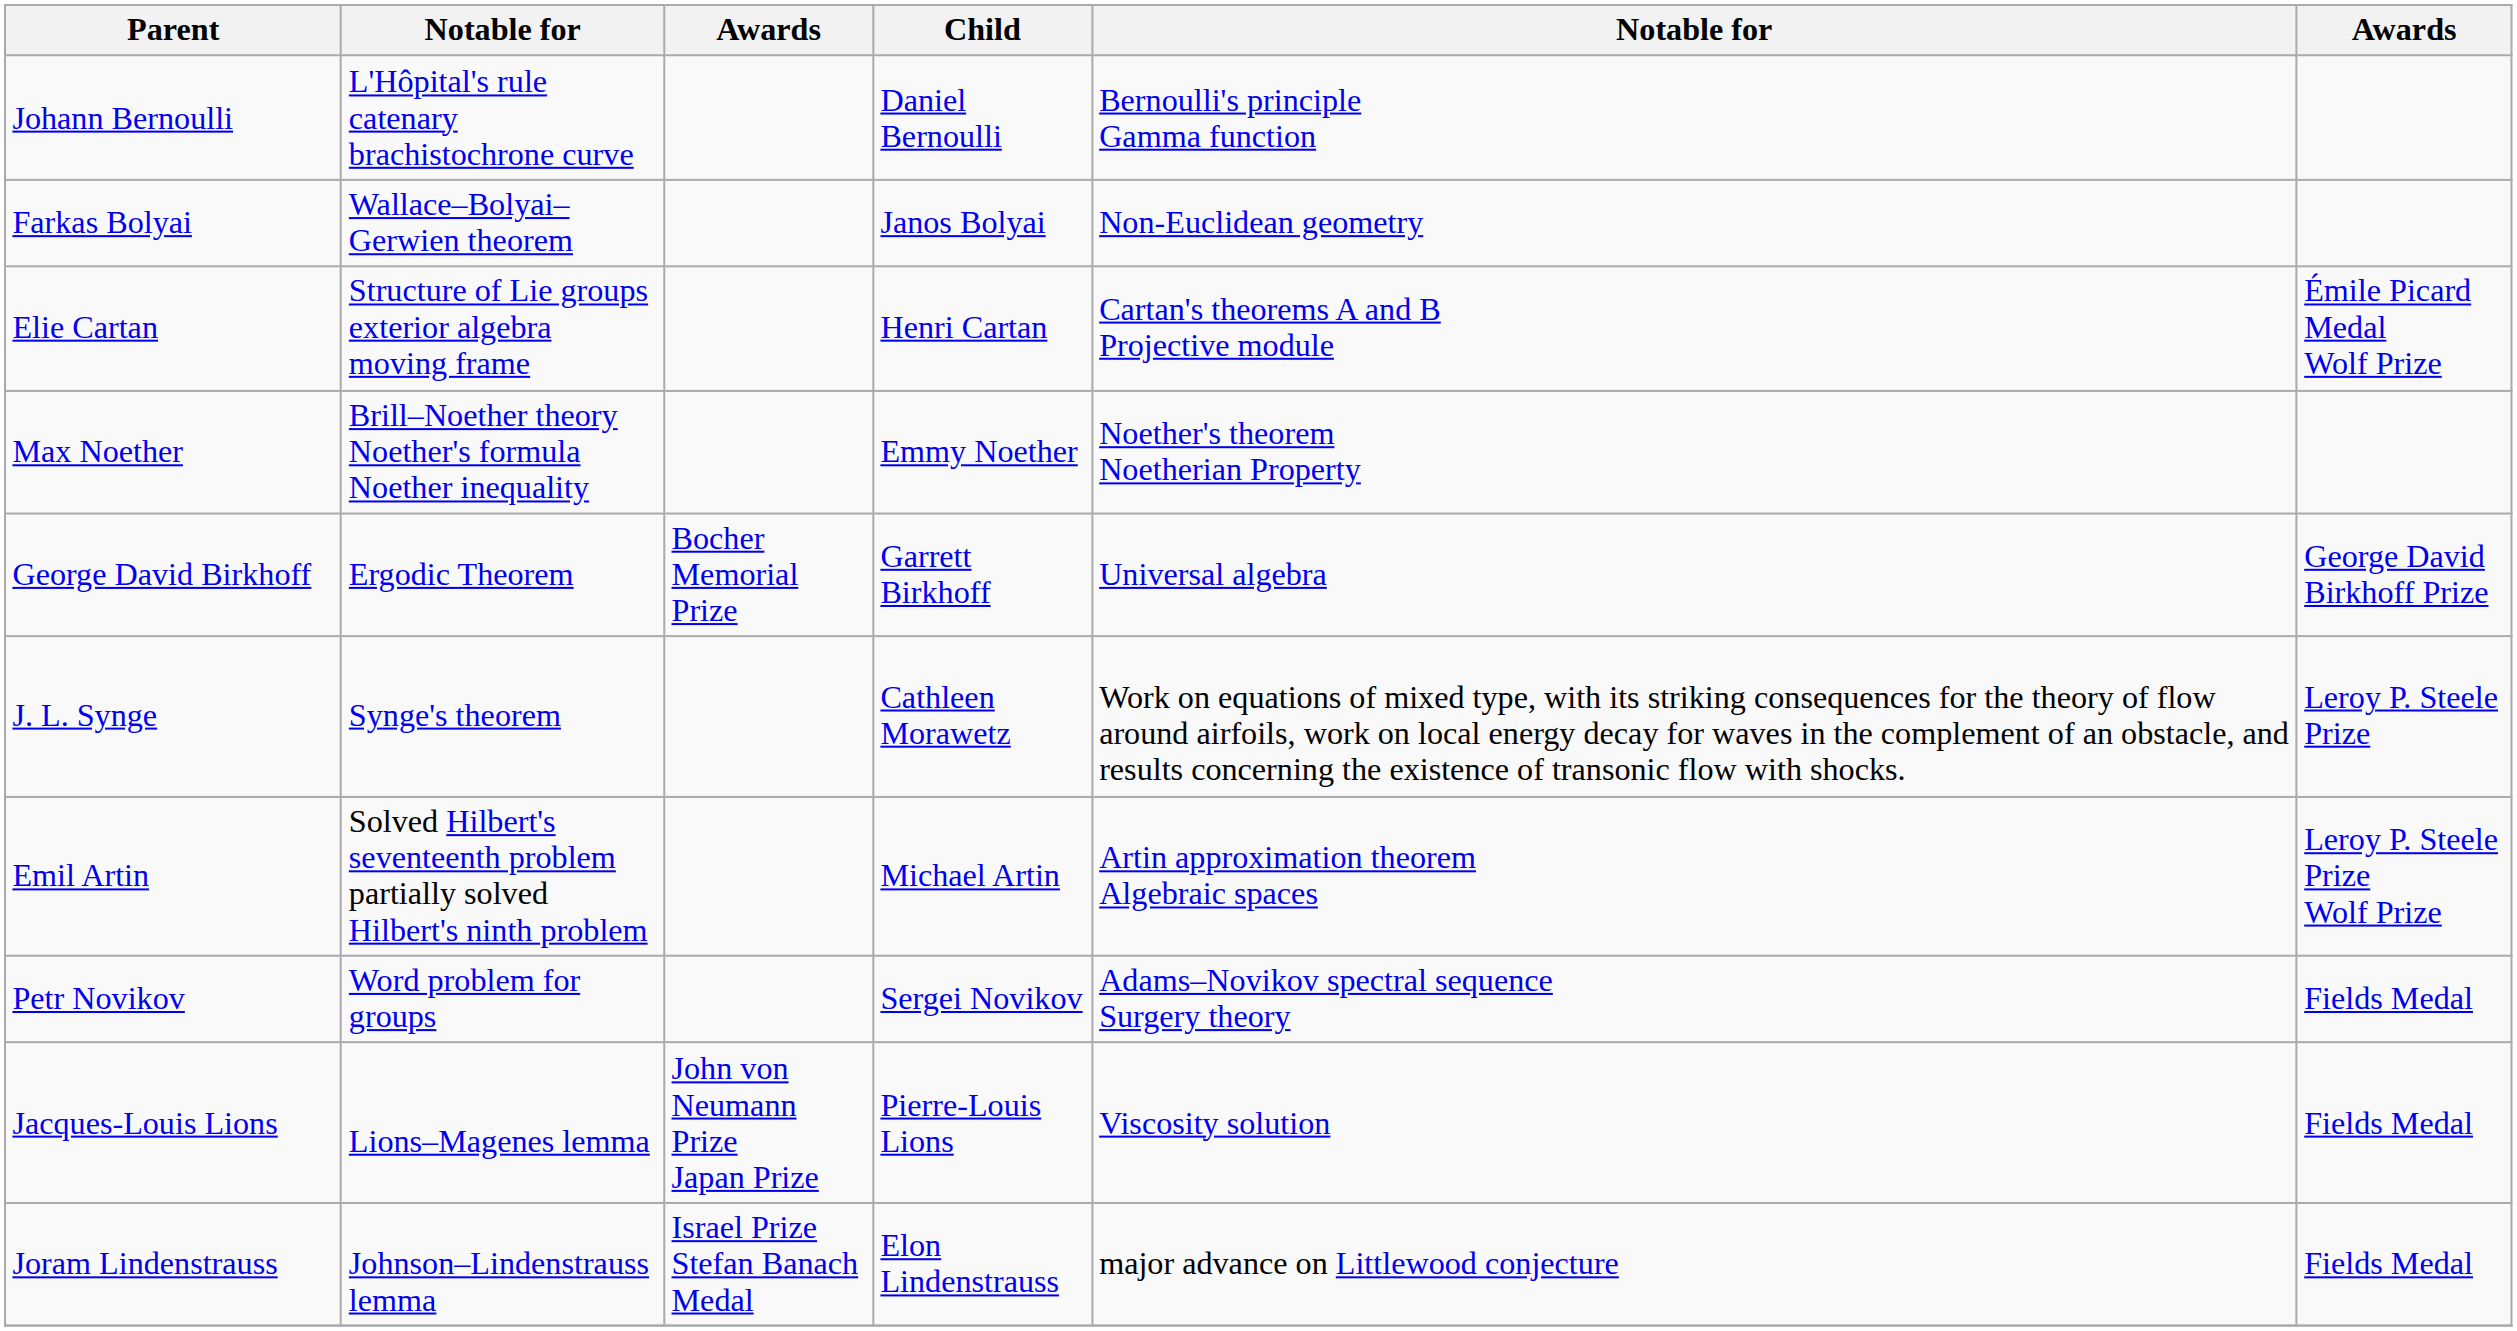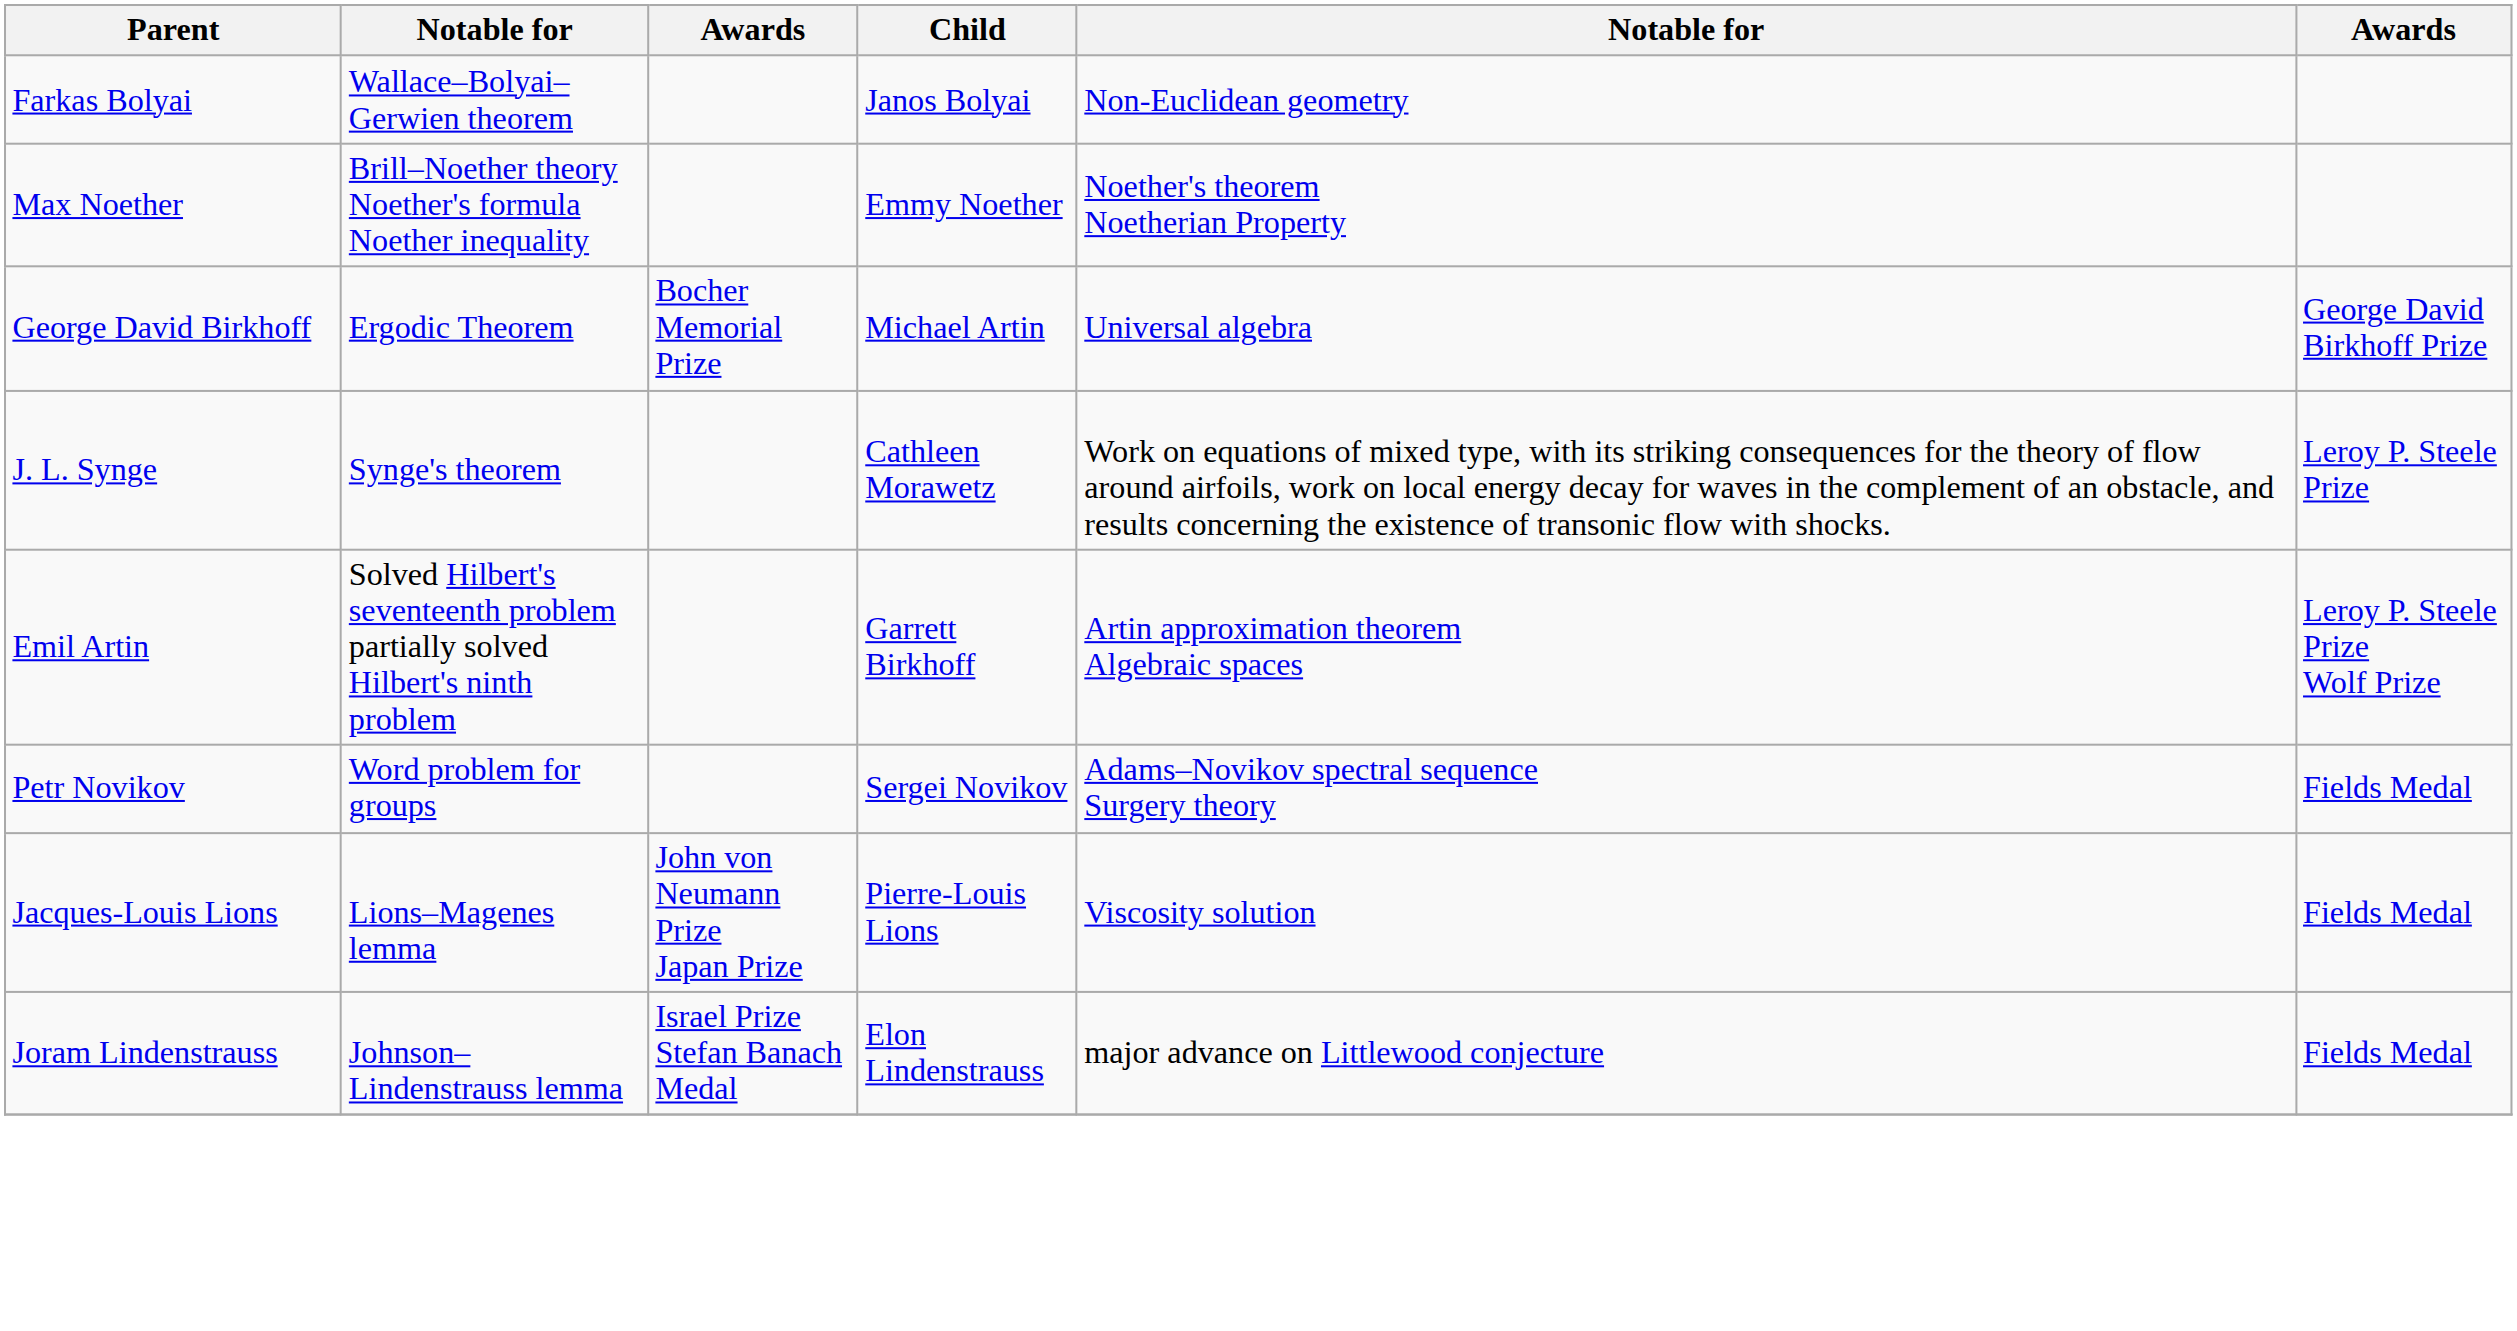 <table Class="wikitable sortable">
 <tr>
 <th style="width:10em;">Parent</th>
 <th>Notable for</th>
 <th>Awards</th>
 <th>Child</th>
 <th>Notable for</th>
 <th>Awards</th>
 </tr>
 <tr>
-<td><a href='#'>Johann Bernoulli</a></td>
-<td><a href='#'>L'Hôpital's rule</a><br><a href='#'>catenary</a><br><a href='#'>brachistochrone curve</a></td>
-<td></td>
-<td><a href='#'>Daniel Bernoulli</a></td>
-<td><a href='#'>Bernoulli's principle</a><br><a href='#'>Gamma function</a></td>
-<td></td>
-</tr>
-<tr>
 <td><a href='#'>Farkas Bolyai</a></td>
 <td><a href='#'>Wallace–Bolyai–Gerwien theorem</a></td>
 <td></td>
 <td><a href='#'>Janos Bolyai</a></td>
 <td><a href='#'> Non-Euclidean geometry</a></td>
 <td></td>
-</tr>
-<tr>
-<td><a href='#'>Elie Cartan</a></td>
-<td><a href='#'>Structure of Lie groups</a><br><a href='#'>exterior algebra</a><br><a href='#'>moving frame</a></td>
-<td></td>
-<td><a href='#'>Henri Cartan</a></td>
-<td><a href='#'>Cartan's theorems A and B</a><br><a href='#'>Projective module</a></td>
-<td><a href='#'>Émile Picard Medal</a><br><a href='#'>Wolf Prize</a></td>
 </tr>
 <tr>
 <td><a href='#'>Max Noether</a></td>
 <td><a href='#'>Brill–Noether theory</a><br><a href='#'> Noether's formula</a> <br><a href='#'>Noether inequality</a></td>
 <td></td>
 <td><a href='#'>Emmy Noether</a></td>
 <td><a href='#'>Noether's theorem</a><br><a href='#'> Noetherian Property</a></td>
 <td></td>
 </tr>
 <tr>
 <td><a href='#'>George David Birkhoff</a></td>
 <td><a href='#'> Ergodic Theorem</a></td>
 <td><a href='#'>Bocher Memorial Prize</a></td>
-<td><a href='#'>Garrett Birkhoff</a></td>
+<td><a href='#'>Michael Artin</a></td>
 <td><a href='#'>Universal algebra</a></td>
 <td><a href='#'>George David Birkhoff Prize</a></td>
 </tr>
 <tr>
 <td><a href='#'>J. L. Synge</a></td>
 <td><a href='#'>Synge's theorem</a></td>
 <td></td>
 <td><a href='#'>Cathleen Morawetz</a></td>
 <td><br>Work on equations of mixed type, with its striking consequences for the theory of flow around airfoils, work on local energy decay for waves in the complement of an obstacle, and results concerning the existence of transonic flow with shocks. </td>
 <td><a href='#'>Leroy P. Steele Prize</a></td>
 </tr>
 <tr>
 <td><a href='#'>Emil Artin</a></td>
 <td>Solved <a href='#'>Hilbert's seventeenth problem</a><br>partially solved <a href='#'>Hilbert's ninth problem</a></td>
 <td></td>
-<td><a href='#'>Michael Artin</a></td>
+<td><a href='#'>Garrett Birkhoff</a></td>
 <td><a href='#'>Artin approximation theorem</a> <br> <a href='#'>Algebraic spaces</a></td>
 <td><a href='#'>Leroy P. Steele Prize</a><br><a href='#'>Wolf Prize</a></td>
 </tr>
 <tr>
 <td><a href='#'>Petr Novikov</a></td>
 <td><a href='#'>Word problem for groups</a></td>
 <td></td>
 <td><a href='#'>Sergei Novikov</a></td>
 <td><a href='#'>Adams–Novikov spectral sequence</a> <br> <a href='#'>Surgery theory</a></td>
 <td><a href='#'>Fields Medal</a></td>
 </tr>
 <tr>
 <td><a href='#'>Jacques-Louis Lions</a></td>
 <td><br><a href='#'>Lions–Magenes lemma</a></td>
 <td><a href='#'>John von Neumann Prize</a><br><a href='#'>Japan Prize</a></td>
 <td><a href='#'>Pierre-Louis Lions</a></td>
 <td><a href='#'>Viscosity solution</a></td>
 <td><a href='#'>Fields Medal</a></td>
 </tr>
 <tr>
 <td><a href='#'>Joram Lindenstrauss</a></td>
 <td><br><a href='#'>Johnson–Lindenstrauss lemma</a></td>
 <td><a href='#'>Israel Prize</a><br><a href='#'>Stefan Banach Medal</a></td>
 <td><a href='#'>Elon Lindenstrauss</a></td>
 <td>major advance on <a href='#'>Littlewood conjecture</a></td>
 <td><a href='#'>Fields Medal</a></td>
 </tr>
 <tr>
 </tr>
 </table>
